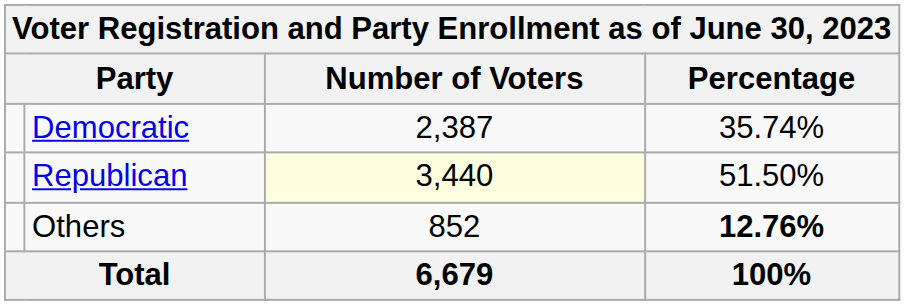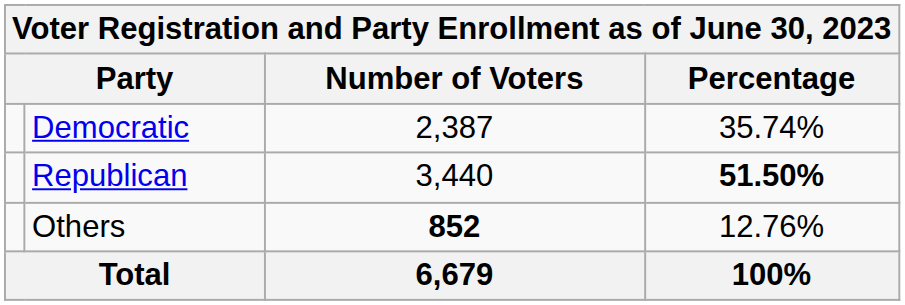 <table class=wikitable>
 <tr>
 <th colspan = 6>Voter Registration and Party Enrollment as of June 30, 2023</th>
 </tr>
 <tr>
 <th colspan = 2>Party</th>
 <th>Number of Voters</th>
 <th>Percentage</th>
 </tr>
 <tr>
 <td></td>
 <td><a href='#'>Democratic</a></td>
 <td align = center>2,387</td>
 <td align = center>35.74%</td>
 </tr>
 <tr>
 <td></td>
 <td><a href='#'>Republican</a></td>
-<td align = center style="background: lightyellow;">3,440</td>
-<td align = center>51.50%</td>
+<td align = center>3,440</td>
+<td align = center><strong>51.50%</strong></td>
 </tr>
 <tr>
 <td></td>
 <td>Others</td>
-<td align = center>852</td>
-<td align = center><strong>12.76%</strong></td>
+<td align = center><strong>852</strong></td>
+<td align = center>12.76%</td>
 </tr>
 <tr>
 <th colspan = 2>Total</th>
 <th align = center>6,679</th>
 <th align = center>100%</th>
 </tr>
 </table>
